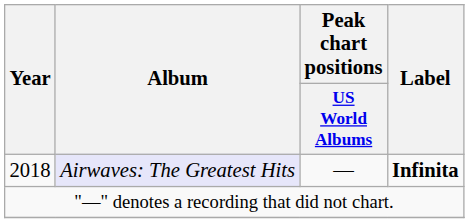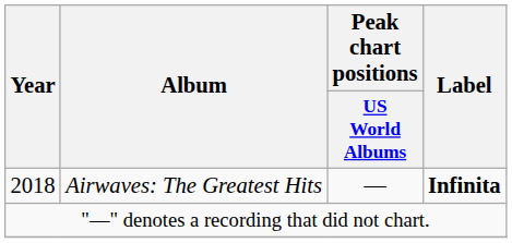 <table class="wikitable" style="text-align:center;">
 <tr>
 <th rowspan="2">Year</th>
 <th rowspan="2">Album</th>
 <th colspan="1">Peak chart positions</th>
 <th rowspan="2">Label</th>
 </tr>
 <tr style="font-size:smaller;">
 <th style="width:50px;"><a href='#'>US<br>World<br>Albums</a><br></th>
 </tr>
 <tr>
 <td>2018</td>
-<td style="background: lavender; text-align:left;"><em>Airwaves: The Greatest Hits</em></td>
+<td style="text-align:left;"><em>Airwaves: The Greatest Hits</em></td>
 <td>—</td>
 <td><strong>Infinita</strong></td>
 </tr>
 <tr>
 <td colspan="4" style="font-size:90%">"—" denotes a recording that did not chart.</td>
 </tr>
 <tr>
 </tr>
 </table>
